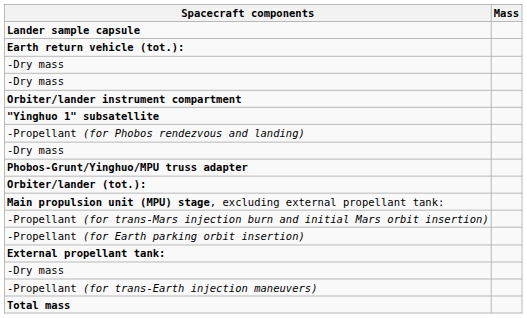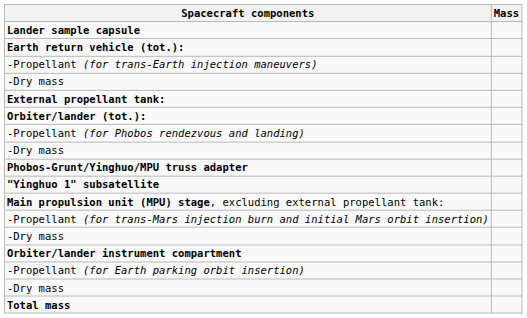 <table class="wikitable">
 <tr>
 <th>Spacecraft components</th>
 <th>Mass</th>
 </tr>
 <tr>
 <td><strong>Lander sample capsule</strong></td>
 <td><strong></strong></td>
 </tr>
 <tr>
 <td><strong>Earth return vehicle (tot.):</strong></td>
 <td><strong></strong></td>
 </tr>
 <tr>
-<td>-Dry mass</td>
+<td>-Propellant <em>(for trans-Earth injection maneuvers)</em></td>
 <td></td>
 </tr>
 <tr>
 <td>-Dry mass</td>
 <td></td>
 </tr>
 <tr>
-<td><strong>Orbiter/lander instrument compartment</strong></td>
+<td><strong>External propellant tank:</strong></td>
 <td><strong></strong></td>
 </tr>
 <tr>
-<td><strong>"Yinghuo 1" subsatellite</strong></td>
+<td><strong>Orbiter/lander (tot.):</strong></td>
 <td><strong></strong></td>
 </tr>
 <tr>
 <td>-Propellant <em>(for Phobos rendezvous and landing)</em></td>
 <td></td>
 </tr>
 <tr>
 <td>-Dry mass</td>
 <td></td>
 </tr>
 <tr>
 <td><strong>Phobos-Grunt/Yinghuo/MPU truss adapter</strong></td>
 <td><strong></strong></td>
 </tr>
 <tr>
-<td><strong>Orbiter/lander (tot.):</strong></td>
+<td><strong>"Yinghuo 1" subsatellite</strong></td>
 <td><strong></strong></td>
 </tr>
 <tr>
 <td><strong>Main propulsion unit (MPU) stage</strong>, excluding external propellant tank:</td>
 <td><strong></strong></td>
 </tr>
 <tr>
 <td>-Propellant <em>(for trans-Mars injection burn and initial  Mars orbit insertion)</em></td>
 <td></td>
 </tr>
 <tr>
+<td>-Dry mass</td>
+<td></td>
+</tr>
+<tr>
+<td><strong>Orbiter/lander instrument compartment</strong></td>
+<td><strong></strong></td>
+</tr>
+<tr>
 <td>-Propellant <em>(for  Earth parking orbit insertion)</em></td>
 <td></td>
 </tr>
 <tr>
-<td><strong>External propellant tank:</strong></td>
-<td><strong></strong></td>
-</tr>
-<tr>
 <td>-Dry mass</td>
-<td></td>
-</tr>
-<tr>
-<td>-Propellant <em>(for trans-Earth injection maneuvers)</em></td>
 <td></td>
 </tr>
 <tr>
 <td><strong>Total mass</strong></td>
 <td><strong></strong></td>
 </tr>
 </table>
